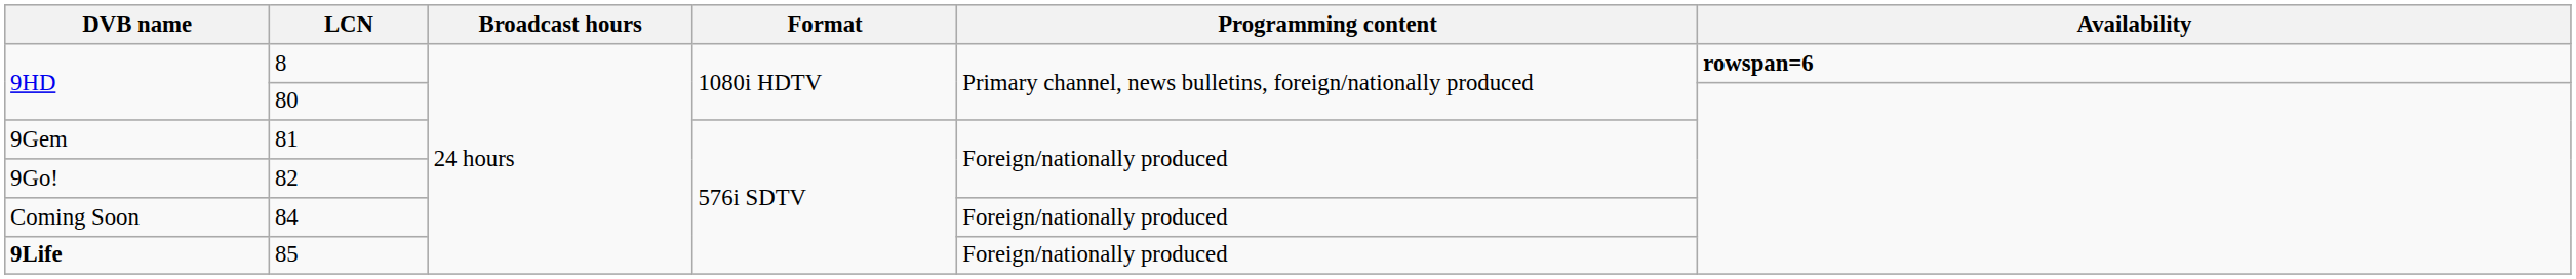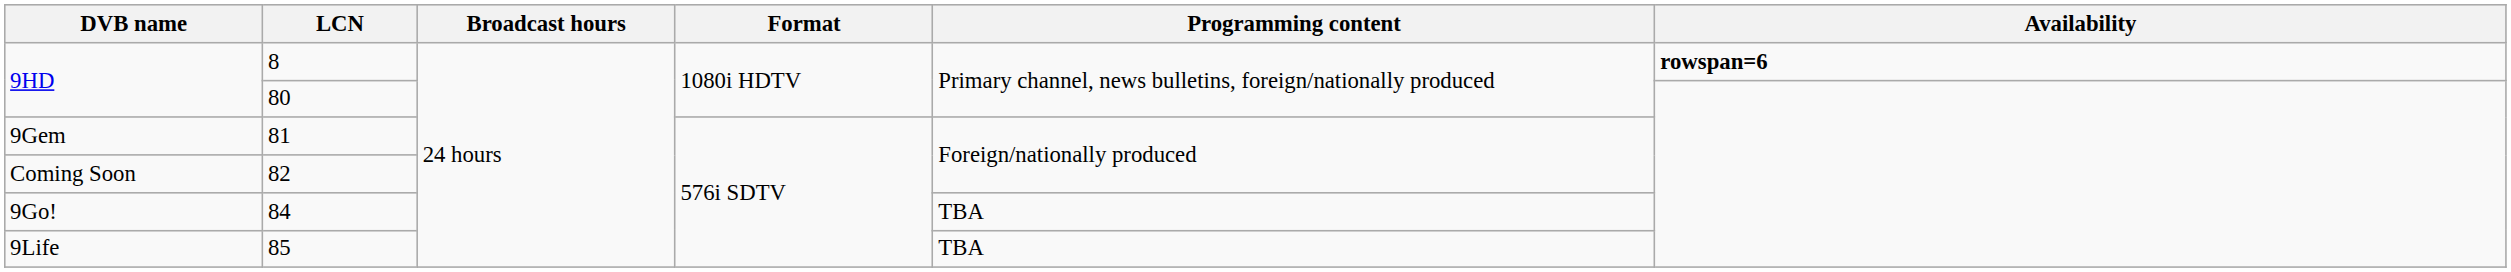 <table class="wikitable" style="font-size:90%; width:100%;">
 <tr>
 <th width="10%">DVB name</th>
 <th width="6%">LCN</th>
 <th width="10%">Broadcast hours</th>
 <th width="10%">Format</th>
 <th width="28%">Programming content</th>
 <th width="33%">Availability</th>
 </tr>
 <tr>
 <td rowspan=2><a href='#'>9HD</a></td>
 <td>8</td>
 <td rowspan=6>24 hours</td>
 <td rowspan=2>1080i HDTV<br></td>
 <td rowspan=2>Primary channel, news bulletins, foreign/nationally produced </td>
 <td><strong>rowspan=6 </strong></td>
 </tr>
 <tr>
 <td>80</td>
 </tr>
 <tr>
 <td>9Gem</td>
 <td>81</td>
 <td rowspan=4>576i SDTV<br></td>
 <td rowspan=2>Foreign/nationally produced </td>
 </tr>
 <tr>
-<td>9Go!</td>
+<td>Coming Soon</td>
 <td>82</td>
 </tr>
 <tr>
-<td>Coming Soon</td>
+<td>9Go!</td>
 <td>84</td>
-<td>Foreign/nationally produced </td>
+<td>TBA </td>
 </tr>
 <tr>
-<td><strong>9Life</strong></td>
+<td>9Life</td>
 <td>85</td>
-<td>Foreign/nationally produced </td>
+<td>TBA </td>
 </tr>
 </table>
